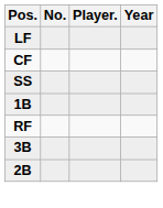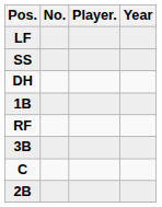 <table class="wikitable non-sortable">
 <tr>
 <th style="text-align:center; ">Pos.</th>
 <th style="text-align:center; ">No.</th>
 <th style="text-align:center; ">Player.</th>
 <th style="text-align:center; ">Year</th>
 </tr>
 <tr style="background:#eeeeee;text-align:center;">
 <td><strong>LF</strong></td>
 <td></td>
 <td></td>
 <td></td>
 </tr>
-<tr style="text-align:center;">
-<td><strong>CF</strong></td>
+<tr style="background:#eeeeee;text-align:center;">
+<td><strong>SS</strong></td>
 <td></td>
 <td></td>
 <td></td>
 </tr>
-<tr style="background:#eeeeee;text-align:center;">
-<td><strong>SS</strong></td>
+<tr style="text-align:center;">
+<td><strong>DH</strong></td>
 <td></td>
 <td></td>
 <td></td>
 </tr>
 <tr style="background:#eeeeee;text-align:center;">
 <td><strong>1B</strong></td>
 <td></td>
 <td></td>
 <td></td>
 </tr>
 <tr style="text-align:center;">
 <td><strong>RF</strong></td>
 <td></td>
 <td></td>
 <td></td>
 </tr>
 <tr style="background:#eeeeee;text-align:center;">
 <td><strong>3B</strong></td>
 <td></td>
 <td></td>
 <td></td>
 </tr>
+<tr style="text-align:center;">
+<td><strong>C</strong></td>
+<td></td>
+<td></td>
+<td></td>
+</tr>
 <tr style="background:#eeeeee;text-align:center;">
 <td><strong>2B</strong></td>
 <td></td>
 <td></td>
 <td></td>
 </tr>
 </table>
